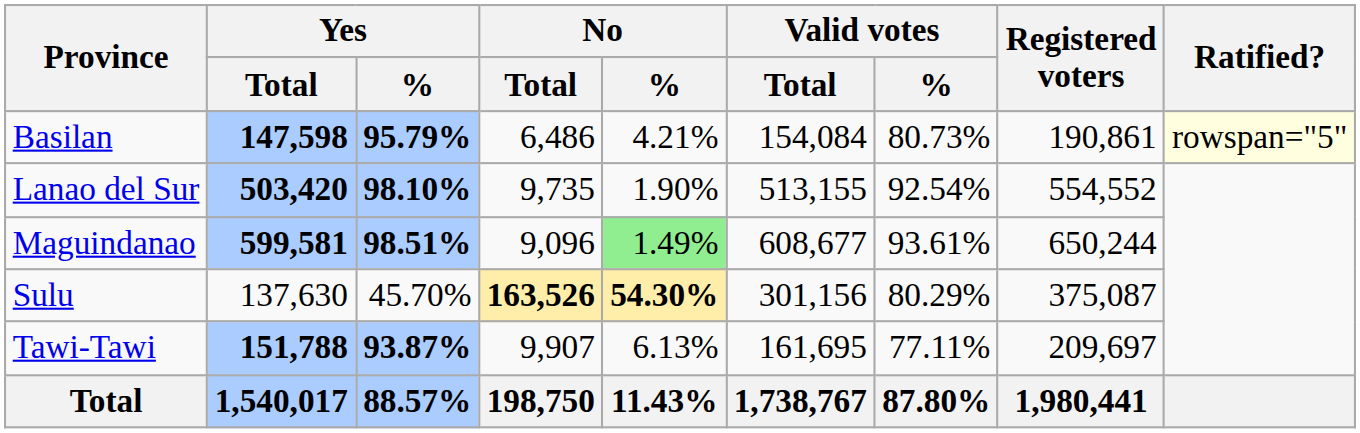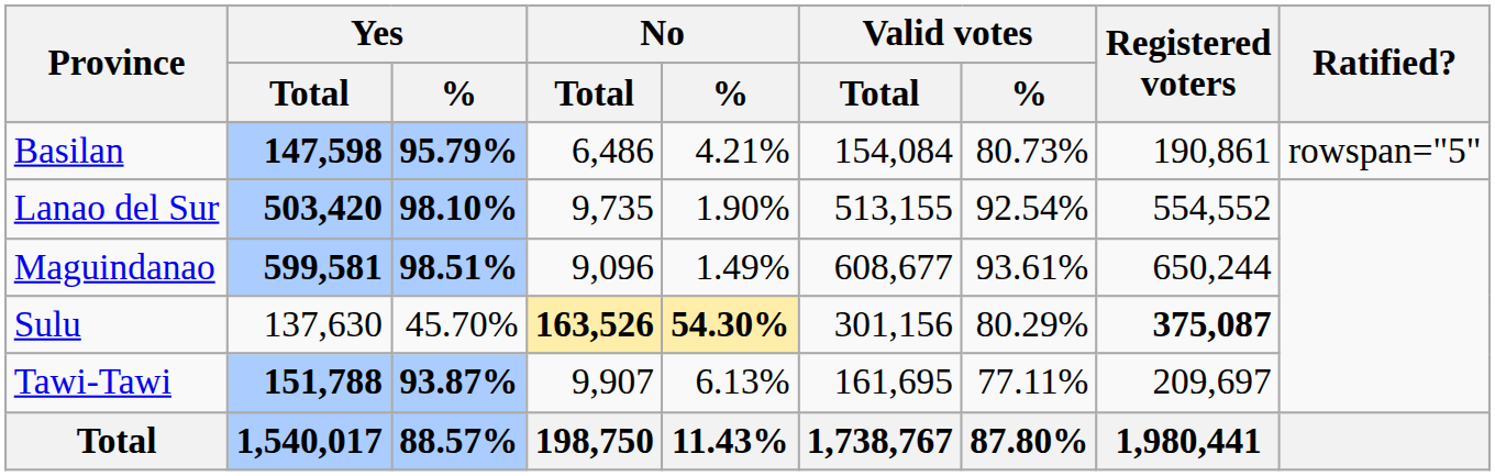 <table class="wikitable" style="text-align:right;">
 <tr>
 <th rowspan="2">Province</th>
 <th colspan="2">Yes</th>
 <th colspan="2">No</th>
 <th colspan="2">Valid votes</th>
 <th rowspan="2">Registered<br>voters</th>
 <th rowspan="2">Ratified?</th>
 </tr>
 <tr>
 <th>Total</th>
 <th>%</th>
 <th>Total</th>
 <th>%</th>
 <th>Total</th>
 <th>%</th>
 </tr>
 <tr>
 <td align="left"><a href='#'>Basilan</a> </td>
 <td style="background:#acf"><strong>147,598</strong></td>
 <td style="background:#acf"><strong>95.79%</strong></td>
 <td>6,486</td>
 <td>4.21%</td>
 <td>154,084</td>
 <td>80.73%</td>
 <td>190,861</td>
-<td style="background: lightyellow;">rowspan="5" </td>
+<td>rowspan="5" </td>
 </tr>
 <tr>
 <td align="left"><a href='#'>Lanao del Sur</a></td>
 <td style="background:#acf"><strong>503,420</strong></td>
 <td style="background:#acf"><strong>98.10%</strong></td>
 <td>9,735</td>
 <td>1.90%</td>
 <td>513,155</td>
 <td>92.54%</td>
 <td>554,552</td>
 </tr>
 <tr>
 <td align="left"><a href='#'>Maguindanao</a></td>
 <td style="background:#acf"><strong>599,581</strong></td>
 <td style="background:#acf"><strong>98.51%</strong></td>
 <td>9,096</td>
-<td style="background: lightgreen;">1.49%</td>
+<td>1.49%</td>
 <td>608,677</td>
 <td>93.61%</td>
 <td>650,244</td>
 </tr>
 <tr>
 <td align="left"><a href='#'>Sulu</a></td>
 <td>137,630</td>
 <td>45.70%</td>
 <td style="background:#fea"><strong>163,526</strong></td>
 <td style="background:#fea"><strong>54.30%</strong></td>
 <td>301,156</td>
 <td>80.29%</td>
-<td>375,087</td>
+<td><strong>375,087</strong></td>
 </tr>
 <tr>
 <td align="left"><a href='#'>Tawi-Tawi</a></td>
 <td style="background:#acf"><strong>151,788</strong></td>
 <td style="background:#acf"><strong>93.87%</strong></td>
 <td>9,907</td>
 <td>6.13%</td>
 <td>161,695</td>
 <td>77.11%</td>
 <td>209,697</td>
 </tr>
 <tr>
 <th>Total</th>
 <td style="background:#acf;"><strong>1,540,017</strong></td>
 <td style="background:#acf;"><strong>88.57%</strong></td>
 <th>198,750</th>
 <th>11.43%</th>
 <th>1,738,767</th>
 <th>87.80%</th>
 <th>1,980,441</th>
 <th></th>
 </tr>
 </table>
